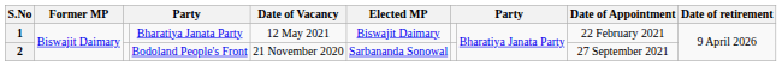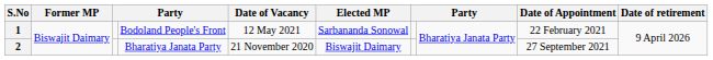 <table class="wikitable sortable">
 <tr>
 <th>S.No</th>
 <th>Former MP</th>
 <th colspan="2">Party</th>
 <th>Date of Vacancy</th>
 <th>Elected MP</th>
 <th colspan="2">Party</th>
 <th><strong>Date of Appointment</strong></th>
 <th>Date of retirement</th>
 </tr>
 <tr style="text-align:center;">
 <th>1</th>
 <td rowspan="2"><a href='#'>Biswajit Daimary</a></td>
 <td width="1px"></td>
-<td><a href='#'>Bharatiya Janata Party</a></td>
+<td><a href='#'>Bodoland People's Front</a></td>
 <td>12 May 2021</td>
-<td><a href='#'>Biswajit Daimary</a></td>
+<td><a href='#'>Sarbananda Sonowal</a></td>
 <td width="1px"></td>
 <td rowspan="2"><a href='#'>Bharatiya Janata Party</a></td>
 <td>22 February 2021</td>
 <td rowspan="2">9 April 2026</td>
 </tr>
 <tr style="text-align:center;">
 <th>2</th>
 <td width="1px"></td>
-<td><a href='#'>Bodoland People's Front</a></td>
+<td><a href='#'>Bharatiya Janata Party</a></td>
 <td>21 November 2020</td>
-<td><a href='#'>Sarbananda Sonowal</a></td>
+<td><a href='#'>Biswajit Daimary</a></td>
 <td width="1px"></td>
 <td>27 September 2021</td>
 </tr>
 </table>
